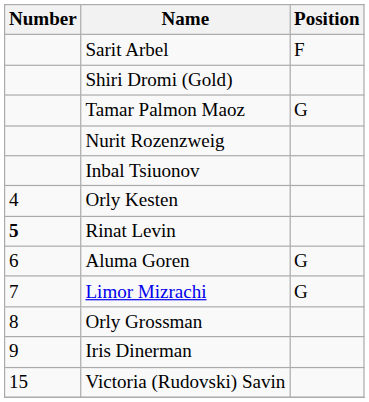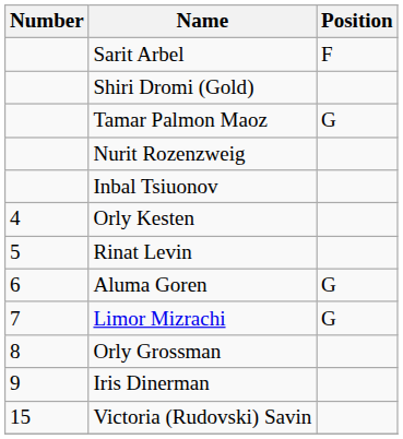 <table class="wikitable">
 <tr>
 <th>Number</th>
 <th>Name</th>
 <th>Position</th>
 </tr>
 <tr>
 <td></td>
 <td>Sarit Arbel</td>
 <td>F</td>
 </tr>
 <tr>
 <td></td>
 <td>Shiri Dromi (Gold)</td>
 <td></td>
 </tr>
 <tr>
 <td></td>
 <td>Tamar Palmon Maoz</td>
 <td>G</td>
 </tr>
 <tr>
 <td></td>
 <td>Nurit Rozenzweig</td>
 <td></td>
 </tr>
 <tr>
 <td></td>
 <td>Inbal Tsiuonov</td>
 <td></td>
 </tr>
 <tr>
 <td>4</td>
 <td>Orly Kesten</td>
 <td></td>
 </tr>
 <tr>
-<td><strong>5</strong></td>
+<td>5</td>
 <td>Rinat Levin</td>
 <td></td>
 </tr>
 <tr>
 <td>6</td>
 <td>Aluma Goren</td>
 <td>G</td>
 </tr>
 <tr>
 <td>7</td>
 <td><a href='#'>Limor Mizrachi</a></td>
 <td>G</td>
 </tr>
 <tr>
 <td>8</td>
 <td>Orly Grossman</td>
 <td></td>
 </tr>
 <tr>
 <td>9</td>
 <td>Iris Dinerman</td>
 <td></td>
 </tr>
 <tr>
 <td>15</td>
 <td>Victoria (Rudovski) Savin</td>
 <td></td>
 </tr>
 <tr>
 </tr>
 </table>
